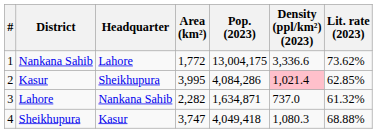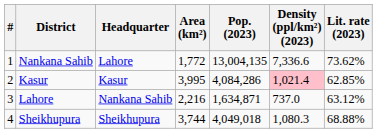 <table class="wikitable sortable">
 <tr>
 <th>#</th>
 <th>District</th>
 <th>Headquarter</th>
 <th>Area<br>(km²)</th>
 <th>Pop.<br>(2023)</th>
 <th>Density<br>(ppl/km²)<br>(2023)</th>
 <th>Lit. rate<br>(2023)</th>
 </tr>
 <tr>
 <td>1</td>
 <td><a href='#'>Nankana Sahib</a></td>
 <td><a href='#'>Lahore</a></td>
 <td>1,772</td>
-<td>13,004,175</td>
-<td>3,336.6</td>
+<td>13,004,135</td>
+<td>7,336.6</td>
 <td>73.62%</td>
 </tr>
 <tr>
 <td>2</td>
 <td><a href='#'>Kasur</a></td>
-<td><a href='#'>Sheikhupura</a></td>
+<td><a href='#'>Kasur</a></td>
 <td>3,995</td>
 <td>4,084,286</td>
 <td style="background: pink;">1,021.4</td>
 <td>62.85%</td>
 </tr>
 <tr>
 <td>3</td>
 <td><a href='#'>Lahore</a></td>
 <td><a href='#'>Nankana Sahib</a></td>
-<td>2,282</td>
+<td>2,216</td>
 <td>1,634,871</td>
 <td>737.0</td>
-<td>61.32%</td>
+<td>63.12%</td>
 </tr>
 <tr>
 <td>4</td>
 <td><a href='#'>Sheikhupura</a></td>
-<td><a href='#'>Kasur</a></td>
-<td>3,747</td>
-<td>4,049,418</td>
+<td><a href='#'>Sheikhupura</a></td>
+<td>3,744</td>
+<td>4,049,018</td>
 <td>1,080.3</td>
 <td>68.88%</td>
 </tr>
 </table>
